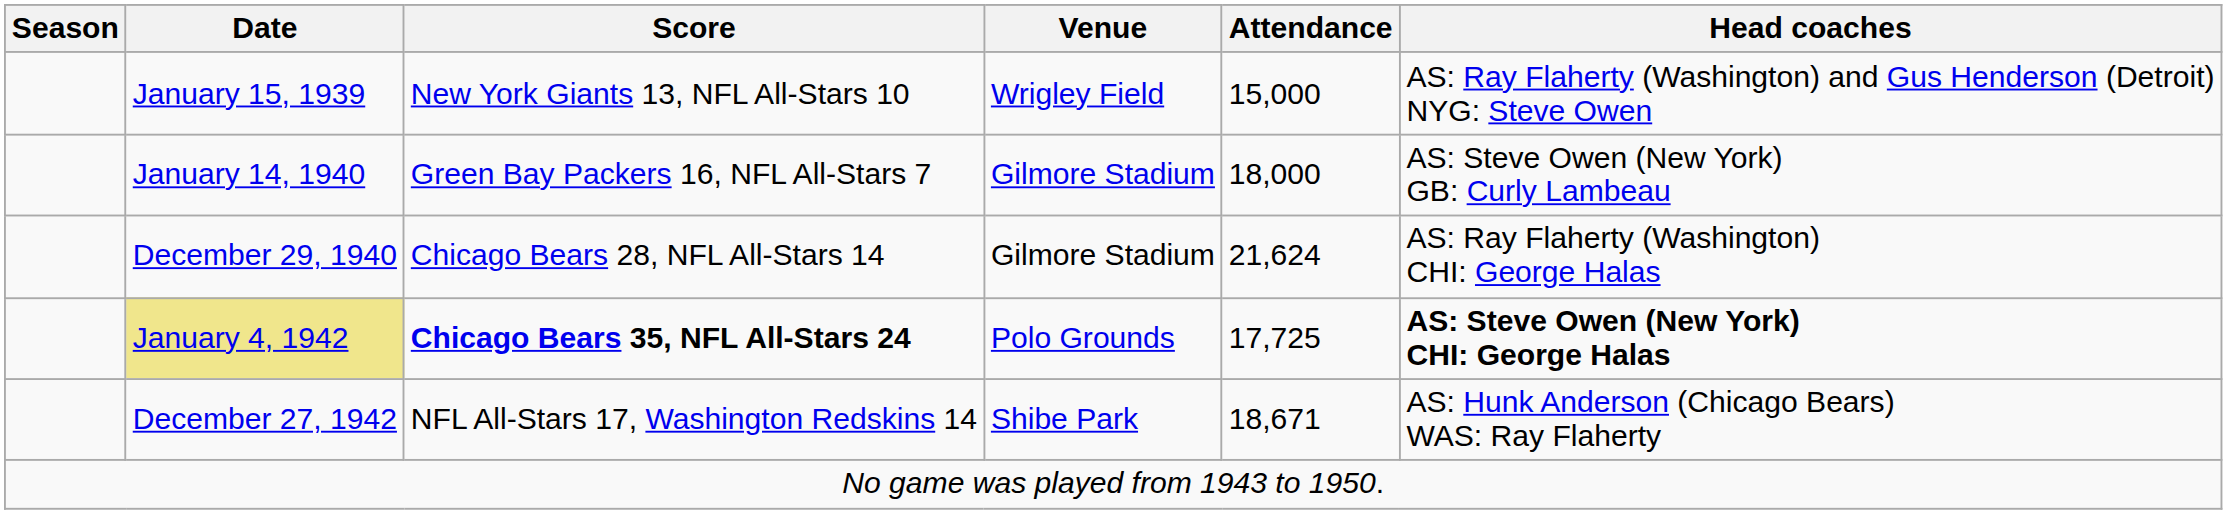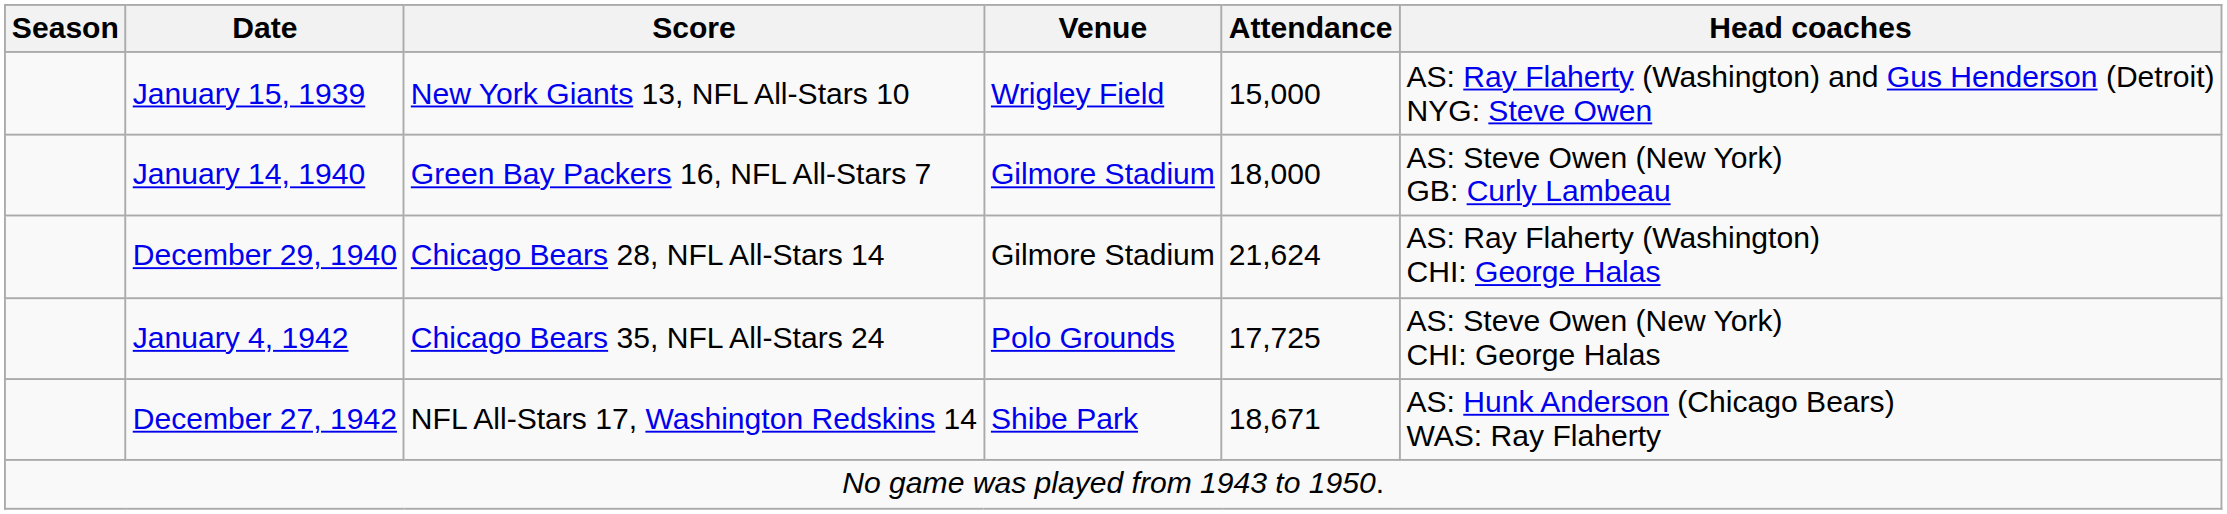 <table class="wikitable">
 <tr>
 <th>Season</th>
 <th>Date</th>
 <th>Score</th>
 <th>Venue</th>
 <th>Attendance</th>
 <th>Head coaches</th>
 </tr>
 <tr>
 <td></td>
 <td><a href='#'>January 15, 1939</a></td>
 <td><a href='#'>New York Giants</a> 13, NFL All-Stars 10</td>
 <td><a href='#'>Wrigley Field</a></td>
 <td>15,000</td>
 <td>AS: <a href='#'>Ray Flaherty</a> (Washington) and <a href='#'>Gus Henderson</a> (Detroit)<br>NYG: <a href='#'>Steve Owen</a></td>
 </tr>
 <tr>
 <td></td>
 <td><a href='#'>January 14, 1940</a></td>
 <td><a href='#'>Green Bay Packers</a> 16, NFL All-Stars 7</td>
 <td><a href='#'>Gilmore Stadium</a></td>
 <td>18,000</td>
 <td>AS: Steve Owen (New York)<br>GB: <a href='#'>Curly Lambeau</a></td>
 </tr>
 <tr>
 <td></td>
 <td><a href='#'>December 29, 1940</a></td>
 <td><a href='#'>Chicago Bears</a> 28, NFL All-Stars 14</td>
 <td>Gilmore Stadium</td>
 <td>21,624</td>
 <td>AS: Ray Flaherty (Washington)<br>CHI: <a href='#'>George Halas</a></td>
 </tr>
 <tr>
 <td></td>
-<td style="background: khaki;"><a href='#'>January 4, 1942</a></td>
-<td><strong><a href='#'>Chicago Bears</a> 35, NFL All-Stars 24</strong></td>
+<td><a href='#'>January 4, 1942</a></td>
+<td><a href='#'>Chicago Bears</a> 35, NFL All-Stars 24</td>
 <td><a href='#'>Polo Grounds</a></td>
 <td>17,725</td>
-<td><strong>AS: Steve Owen (New York)<br>CHI: George Halas</strong></td>
+<td>AS: Steve Owen (New York)<br>CHI: George Halas</td>
 </tr>
 <tr>
 <td></td>
 <td><a href='#'>December 27, 1942</a></td>
 <td>NFL All-Stars 17, <a href='#'>Washington Redskins</a> 14</td>
 <td><a href='#'>Shibe Park</a></td>
 <td>18,671</td>
 <td>AS: <a href='#'>Hunk Anderson</a> (Chicago Bears)<br>WAS: Ray Flaherty</td>
 </tr>
 <tr style="text-align:center;">
 <td colspan="6"><em>No game was played from 1943 to 1950</em>.</td>
 </tr>
 </table>
